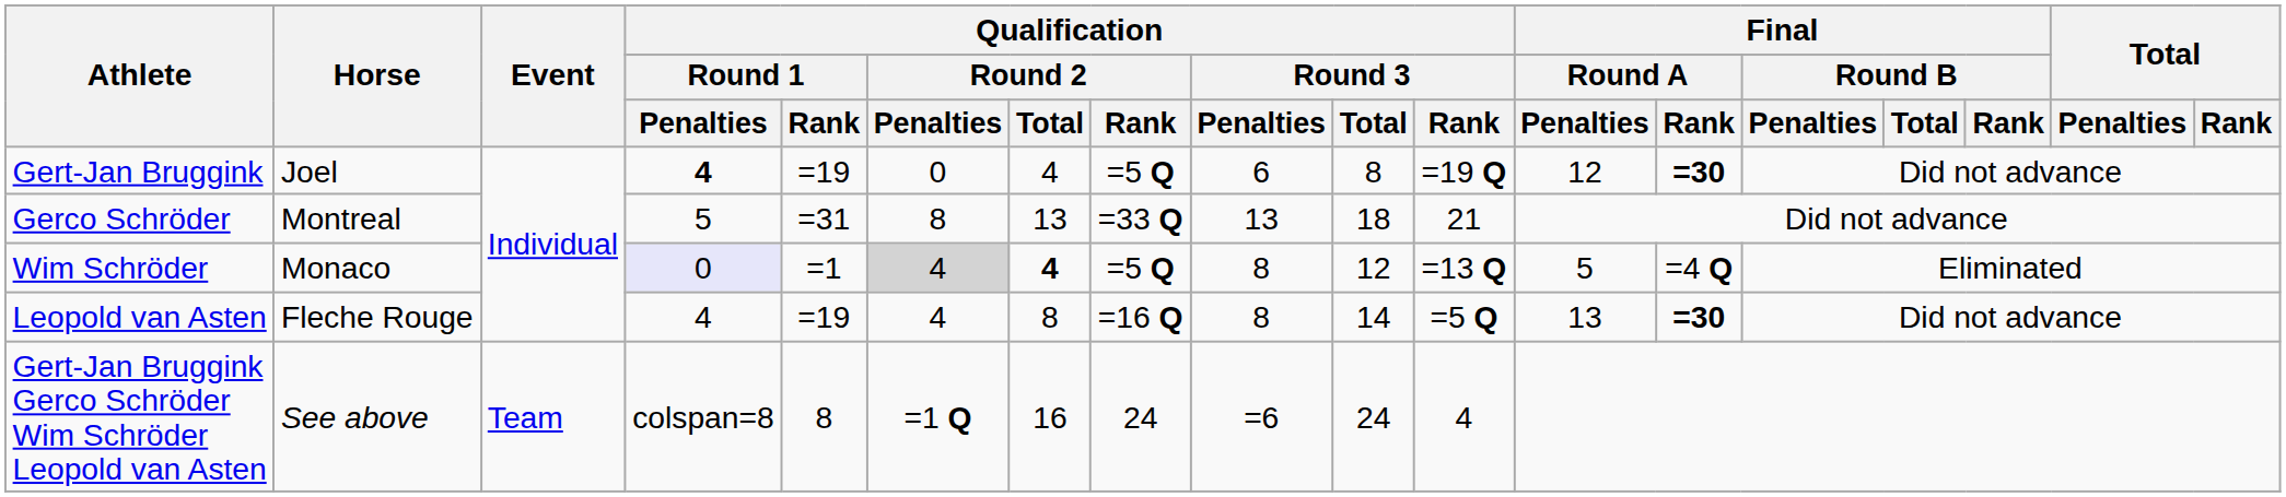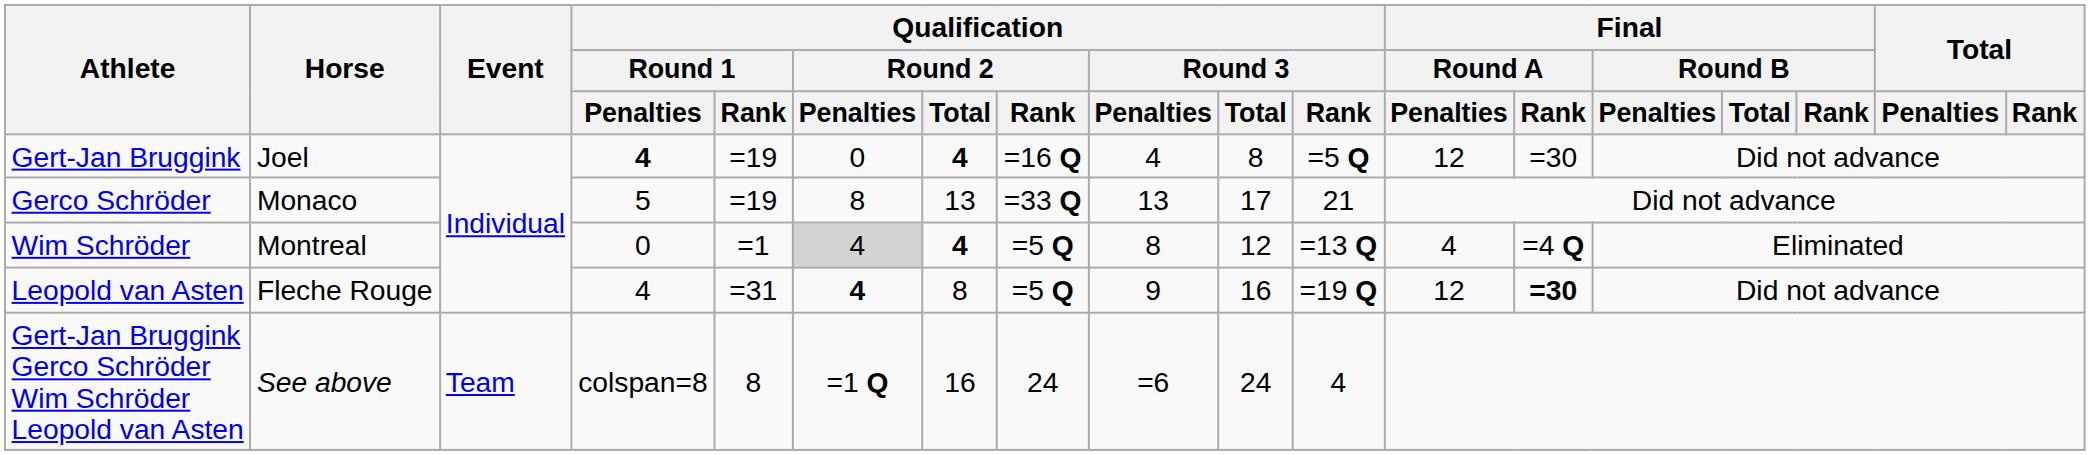 <table class="wikitable" style="font-size:90%">
 <tr>
 <th rowspan="3">Athlete</th>
 <th rowspan="3">Horse</th>
 <th rowspan="3">Event</th>
 <th colspan="8">Qualification</th>
 <th colspan="5">Final</th>
 <th rowspan=2 colspan="2">Total</th>
 </tr>
 <tr style="font-size:95%">
 <th colspan="2">Round 1</th>
 <th colspan="3">Round 2</th>
 <th colspan="3">Round 3</th>
 <th colspan="2">Round A</th>
 <th colspan="3">Round B</th>
 </tr>
 <tr style="font-size:95%">
 <th>Penalties</th>
 <th>Rank</th>
 <th>Penalties</th>
 <th>Total</th>
 <th>Rank</th>
 <th>Penalties</th>
 <th>Total</th>
 <th>Rank</th>
 <th>Penalties</th>
 <th>Rank</th>
 <th>Penalties</th>
 <th>Total</th>
 <th>Rank</th>
 <th>Penalties</th>
 <th>Rank</th>
 </tr>
 <tr align=center>
 <td align=left><a href='#'>Gert-Jan Bruggink</a></td>
 <td align=left>Joel</td>
 <td align=left rowspan=4><a href='#'>Individual</a></td>
 <td><strong>4</strong></td>
 <td>=19</td>
 <td>0</td>
+<td><strong>4</strong></td>
+<td>=16 <strong>Q</strong></td>
 <td>4</td>
+<td>8</td>
 <td>=5 <strong>Q</strong></td>
-<td>6</td>
-<td>8</td>
-<td>=19 <strong>Q</strong></td>
 <td>12</td>
-<td><strong>=30</strong></td>
+<td>=30</td>
 <td colspan=5>Did not advance</td>
 </tr>
 <tr align=center>
 <td align=left><a href='#'>Gerco Schröder</a></td>
-<td align=left>Montreal</td>
+<td align=left>Monaco</td>
 <td>5</td>
-<td>=31</td>
+<td>=19</td>
 <td>8</td>
 <td>13</td>
 <td>=33 <strong>Q</strong></td>
 <td>13</td>
-<td>18</td>
+<td>17</td>
 <td>21</td>
 <td colspan=7>Did not advance</td>
 </tr>
 <tr align=center>
 <td align=left><a href='#'>Wim Schröder</a></td>
-<td align=left>Monaco</td>
-<td style="background: lavender;">0</td>
+<td align=left>Montreal</td>
+<td>0</td>
 <td>=1</td>
 <td style="background: lightgrey;">4</td>
 <td><strong>4</strong></td>
 <td>=5 <strong>Q</strong></td>
 <td>8</td>
 <td>12</td>
 <td>=13 <strong>Q</strong></td>
-<td>5</td>
+<td>4</td>
 <td>=4 <strong>Q</strong></td>
 <td colspan=5>Eliminated</td>
 </tr>
 <tr align=center>
 <td align=left><a href='#'>Leopold van Asten</a></td>
 <td align=left>Fleche Rouge</td>
 <td>4</td>
-<td>=19</td>
-<td>4</td>
+<td>=31</td>
+<td><strong>4</strong></td>
 <td>8</td>
-<td>=16 <strong>Q</strong></td>
-<td>8</td>
-<td>14</td>
 <td>=5 <strong>Q</strong></td>
-<td>13</td>
+<td>9</td>
+<td>16</td>
+<td>=19 <strong>Q</strong></td>
+<td>12</td>
 <td><strong>=30</strong></td>
 <td colspan=5>Did not advance</td>
 </tr>
 <tr align=center>
 <td align=left><a href='#'>Gert-Jan Bruggink</a><br><a href='#'>Gerco Schröder</a><br><a href='#'>Wim Schröder</a><br><a href='#'>Leopold van Asten</a></td>
 <td align=left><em>See above</em></td>
 <td align=left><a href='#'>Team</a></td>
 <td>colspan=8 </td>
 <td>8</td>
 <td>=1 <strong>Q</strong></td>
 <td>16</td>
 <td>24</td>
 <td>=6</td>
 <td>24</td>
 <td>4</td>
 </tr>
 </table>
